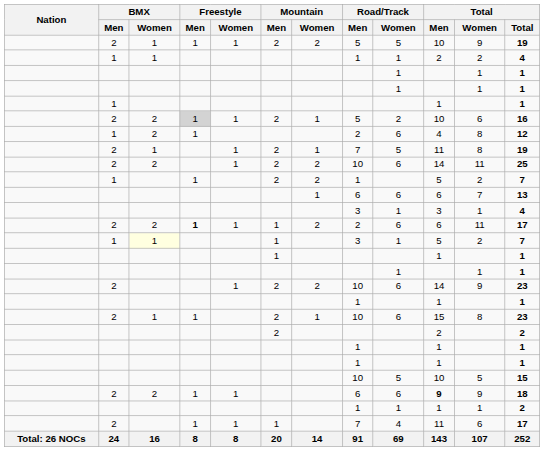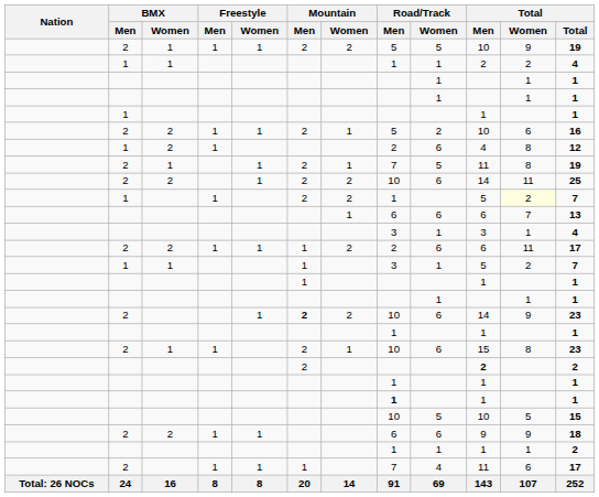 <table class="wikitable"  style="width:800px; text-align:center; font-size:90%;">
 <tr>
 <th rowspan="2" style="text-align:center;">Nation</th>
 <th colspan=2>BMX</th>
 <th colspan=2>Freestyle</th>
 <th colspan=2>Mountain</th>
 <th colspan=2>Road/Track</th>
 <th colspan=4>Total</th>
 </tr>
 <tr>
 <th>Men</th>
 <th>Women</th>
 <th>Men</th>
 <th>Women</th>
 <th>Men</th>
 <th>Women</th>
 <th>Men</th>
 <th>Women</th>
 <th>Men</th>
 <th>Women</th>
 <th>Total</th>
 </tr>
 <tr>
 <td align=left></td>
 <td>2</td>
 <td>1</td>
 <td>1</td>
 <td>1</td>
 <td>2</td>
 <td>2</td>
 <td>5</td>
 <td>5</td>
 <td>10</td>
 <td>9</td>
 <td><strong>19</strong></td>
 </tr>
 <tr>
 <td align=left></td>
 <td>1</td>
 <td>1</td>
 <td></td>
 <td></td>
 <td></td>
 <td></td>
 <td>1</td>
 <td>1</td>
 <td>2</td>
 <td>2</td>
 <td><strong>4</strong></td>
 </tr>
 <tr>
 <td align=left></td>
 <td></td>
 <td></td>
 <td></td>
 <td></td>
 <td></td>
 <td></td>
 <td></td>
 <td>1</td>
 <td></td>
 <td>1</td>
 <td><strong>1</strong></td>
 </tr>
 <tr>
 <td align=left></td>
 <td></td>
 <td></td>
 <td></td>
 <td></td>
 <td></td>
 <td></td>
 <td></td>
 <td>1</td>
 <td></td>
 <td>1</td>
 <td><strong>1</strong></td>
 </tr>
 <tr>
 <td align=left></td>
 <td>1</td>
 <td></td>
 <td></td>
 <td></td>
 <td></td>
 <td></td>
 <td></td>
 <td></td>
 <td>1</td>
 <td></td>
 <td><strong>1</strong></td>
 </tr>
 <tr>
 <td align=left></td>
 <td>2</td>
 <td>2</td>
-<td style="background: lightgrey;">1</td>
+<td>1</td>
 <td>1</td>
 <td>2</td>
 <td>1</td>
 <td>5</td>
 <td>2</td>
 <td>10</td>
 <td>6</td>
 <td><strong>16</strong></td>
 </tr>
 <tr>
 <td align=left></td>
 <td>1</td>
 <td>2</td>
 <td>1</td>
 <td></td>
 <td></td>
 <td></td>
 <td>2</td>
 <td>6</td>
 <td>4</td>
 <td>8</td>
 <td><strong>12</strong></td>
 </tr>
 <tr>
 <td align=left></td>
 <td>2</td>
 <td>1</td>
 <td></td>
 <td>1</td>
 <td>2</td>
 <td>1</td>
 <td>7</td>
 <td>5</td>
 <td>11</td>
 <td>8</td>
 <td><strong>19</strong></td>
 </tr>
 <tr>
 <td align=left></td>
 <td>2</td>
 <td>2</td>
 <td></td>
 <td>1</td>
 <td>2</td>
 <td>2</td>
 <td>10</td>
 <td>6</td>
 <td>14</td>
 <td>11</td>
 <td><strong>25</strong></td>
 </tr>
 <tr>
 <td align=left></td>
 <td>1</td>
 <td></td>
 <td>1</td>
 <td></td>
 <td>2</td>
 <td>2</td>
 <td>1</td>
 <td></td>
 <td>5</td>
-<td>2</td>
+<td style="background: lightyellow;">2</td>
 <td><strong>7</strong></td>
 </tr>
 <tr>
 <td align=left></td>
 <td></td>
 <td></td>
 <td></td>
 <td></td>
 <td></td>
 <td>1</td>
 <td>6</td>
 <td>6</td>
 <td>6</td>
 <td>7</td>
 <td><strong>13</strong></td>
 </tr>
 <tr>
 <td align=left></td>
 <td></td>
 <td></td>
 <td></td>
 <td></td>
 <td></td>
 <td></td>
 <td>3</td>
 <td>1</td>
 <td>3</td>
 <td>1</td>
 <td><strong>4</strong></td>
 </tr>
 <tr>
 <td align=left></td>
 <td>2</td>
 <td>2</td>
-<td><strong>1</strong></td>
+<td>1</td>
 <td>1</td>
 <td>1</td>
 <td>2</td>
 <td>2</td>
 <td>6</td>
 <td>6</td>
 <td>11</td>
 <td><strong>17</strong></td>
 </tr>
 <tr>
 <td align=left></td>
 <td>1</td>
-<td style="background: lightyellow;">1</td>
+<td>1</td>
 <td></td>
 <td></td>
 <td>1</td>
 <td></td>
 <td>3</td>
 <td>1</td>
 <td>5</td>
 <td>2</td>
 <td><strong>7</strong></td>
 </tr>
 <tr>
 <td align=left></td>
 <td></td>
 <td></td>
 <td></td>
 <td></td>
 <td>1</td>
 <td></td>
 <td></td>
 <td></td>
 <td>1</td>
 <td></td>
 <td><strong>1</strong></td>
 </tr>
 <tr>
 <td align=left></td>
 <td></td>
 <td></td>
 <td></td>
 <td></td>
 <td></td>
 <td></td>
 <td></td>
 <td>1</td>
 <td></td>
 <td>1</td>
 <td><strong>1</strong></td>
 </tr>
 <tr>
 <td align=left></td>
 <td>2</td>
 <td></td>
 <td></td>
 <td>1</td>
-<td>2</td>
+<td><strong>2</strong></td>
 <td>2</td>
 <td>10</td>
 <td>6</td>
 <td>14</td>
 <td>9</td>
 <td><strong>23</strong></td>
 </tr>
 <tr>
 <td align=left></td>
 <td></td>
 <td></td>
 <td></td>
 <td></td>
 <td></td>
 <td></td>
 <td>1</td>
 <td></td>
 <td>1</td>
 <td></td>
 <td><strong>1</strong></td>
 </tr>
 <tr>
 <td align=left></td>
 <td>2</td>
 <td>1</td>
 <td>1</td>
 <td></td>
 <td>2</td>
 <td>1</td>
 <td>10</td>
 <td>6</td>
 <td>15</td>
 <td>8</td>
 <td><strong>23</strong></td>
 </tr>
 <tr>
 <td align=left></td>
 <td></td>
 <td></td>
 <td></td>
 <td></td>
 <td>2</td>
 <td></td>
 <td></td>
 <td></td>
-<td>2</td>
+<td><strong>2</strong></td>
 <td></td>
 <td><strong>2</strong></td>
 </tr>
 <tr>
 <td align=left></td>
 <td></td>
 <td></td>
 <td></td>
 <td></td>
 <td></td>
 <td></td>
 <td>1</td>
 <td></td>
 <td>1</td>
 <td></td>
 <td><strong>1</strong></td>
 </tr>
 <tr>
 <td align=left></td>
 <td></td>
 <td></td>
 <td></td>
 <td></td>
 <td></td>
 <td></td>
-<td>1</td>
+<td><strong>1</strong></td>
 <td></td>
 <td>1</td>
 <td></td>
 <td><strong>1</strong></td>
 </tr>
 <tr>
 <td align=left></td>
 <td></td>
 <td></td>
 <td></td>
 <td></td>
 <td></td>
 <td></td>
 <td>10</td>
 <td>5</td>
 <td>10</td>
 <td>5</td>
 <td><strong>15</strong></td>
 </tr>
 <tr>
 <td align=left></td>
 <td>2</td>
 <td>2</td>
 <td>1</td>
 <td>1</td>
 <td></td>
 <td></td>
 <td>6</td>
 <td>6</td>
-<td><strong>9</strong></td>
+<td>9</td>
 <td>9</td>
 <td><strong>18</strong></td>
 </tr>
 <tr>
 <td align=left></td>
 <td></td>
 <td></td>
 <td></td>
 <td></td>
 <td></td>
 <td></td>
 <td>1</td>
 <td>1</td>
 <td>1</td>
 <td>1</td>
 <td><strong>2</strong></td>
 </tr>
 <tr>
 <td align=left></td>
 <td>2</td>
 <td></td>
 <td>1</td>
 <td>1</td>
 <td>1</td>
 <td></td>
 <td>7</td>
 <td>4</td>
 <td>11</td>
 <td>6</td>
 <td><strong>17</strong></td>
 </tr>
 <tr>
 <th>Total: 26 NOCs</th>
 <th>24</th>
 <th>16</th>
 <th>8</th>
 <th>8</th>
 <th>20</th>
 <th>14</th>
 <th>91</th>
 <th>69</th>
 <th>143</th>
 <th>107</th>
 <th>252</th>
 </tr>
 </table>
